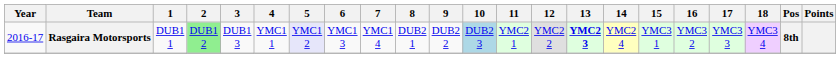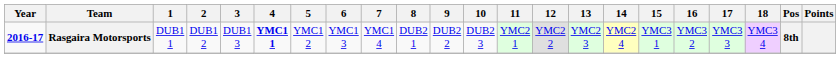 <table class="wikitable" style="text-align:center; font-size:85%">
 <tr>
 <th>Year</th>
 <th>Team</th>
 <th>1</th>
 <th>2</th>
 <th>3</th>
 <th>4</th>
 <th>5</th>
 <th>6</th>
 <th>7</th>
 <th>8</th>
 <th>9</th>
 <th>10</th>
 <th>11</th>
 <th>12</th>
 <th>13</th>
 <th>14</th>
 <th>15</th>
 <th>16</th>
 <th>17</th>
 <th>18</th>
 <th>Pos</th>
 <th>Points</th>
 </tr>
 <tr>
-<td nowrap><a href='#'>2016-17</a></td>
+<td nowrap><strong><a href='#'>2016-17</a></strong></td>
 <th nowrap>Rasgaira Motorsports</th>
 <td><a href='#'>DUB1<br>1</a></td>
-<td style="background: lightgreen;"><a href='#'>DUB1<br>2</a></td>
+<td><a href='#'>DUB1<br>2</a></td>
 <td><a href='#'>DUB1<br>3</a></td>
-<td><a href='#'>YMC1<br>1</a></td>
-<td style="background: lavender;"><a href='#'>YMC1<br>2</a></td>
+<td><strong><a href='#'>YMC1<br>1</a></strong></td>
+<td><a href='#'>YMC1<br>2</a></td>
 <td><a href='#'>YMC1<br>3</a></td>
 <td><a href='#'>YMC1<br>4</a></td>
 <td><a href='#'>DUB2<br>1</a></td>
 <td><a href='#'>DUB2<br>2</a></td>
-<td style="background: lightblue;"><a href='#'>DUB2<br>3</a></td>
+<td><a href='#'>DUB2<br>3</a></td>
 <td style="background:#dfffdf"><a href='#'>YMC2<br>1</a><br></td>
 <td style="background:#dfdfdf"><a href='#'>YMC2<br>2</a><br></td>
-<td style="background:#dfffdf"><strong><a href='#'>YMC2<br>3</a><br></strong></td>
+<td style="background:#dfffdf"><a href='#'>YMC2<br>3</a><br></td>
 <td style="background:#ffffbf"><a href='#'>YMC2<br>4</a><br></td>
 <td style="background:#dfffdf"><a href='#'>YMC3<br>1</a><br></td>
 <td style="background:#dfffdf"><a href='#'>YMC3<br>2</a><br></td>
 <td style="background:#dfffdf"><a href='#'>YMC3<br>3</a><br></td>
 <td style="background:#efcfff"><a href='#'>YMC3<br>4</a><br></td>
 <th>8th</th>
 <th></th>
 </tr>
 <tr>
 </tr>
 </table>
